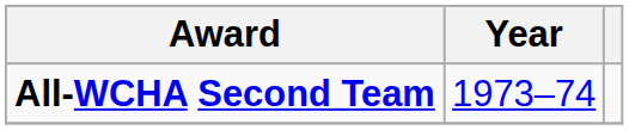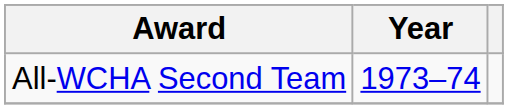 <table class="wikitable">
 <tr>
 <th>Award</th>
 <th>Year</th>
 <th></th>
 </tr>
 <tr>
-<td><strong>All-<a href='#'>WCHA</a> <a href='#'>Second Team</a></strong></td>
+<td>All-<a href='#'>WCHA</a> <a href='#'>Second Team</a></td>
 <td><a href='#'>1973–74</a></td>
 <td></td>
 </tr>
 <tr>
 </tr>
 </table>
